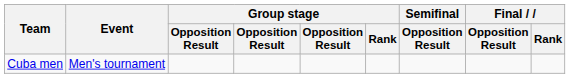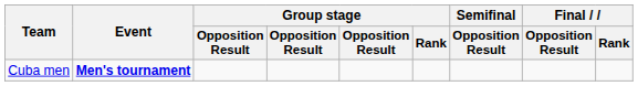 <table class=wikitable style=font-size:90%;text-align:center>
 <tr>
 <th rowspan=2>Team</th>
 <th rowspan=2>Event</th>
 <th colspan=4>Group stage</th>
 <th>Semifinal</th>
 <th colspan=2>Final /  / </th>
 </tr>
 <tr style=font-size:95%>
 <th>Opposition<br>Result</th>
 <th>Opposition<br>Result</th>
 <th>Opposition<br>Result</th>
 <th>Rank</th>
 <th>Opposition<br>Result</th>
 <th>Opposition<br>Result</th>
 <th>Rank</th>
 </tr>
 <tr>
 <td align=left><a href='#'>Cuba men</a></td>
-<td align=left><a href='#'>Men's tournament</a></td>
+<td align=left><strong><a href='#'>Men's tournament</a></strong></td>
 <td></td>
 <td></td>
 <td></td>
 <td></td>
 <td></td>
 <td></td>
 <td></td>
 </tr>
 </table>
